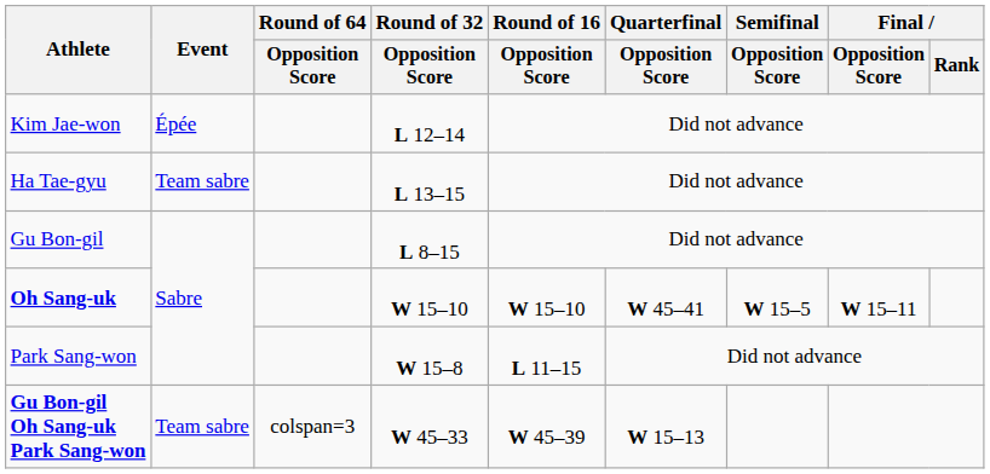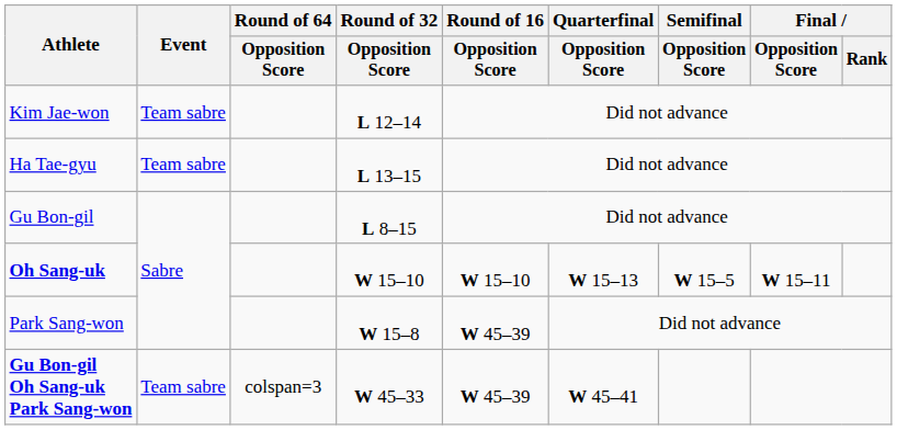 <table class="wikitable" style="font-size:90%">
 <tr>
 <th rowspan="2">Athlete</th>
 <th rowspan="2">Event</th>
 <th>Round of 64</th>
 <th>Round of 32</th>
 <th>Round of 16</th>
 <th>Quarterfinal</th>
 <th>Semifinal</th>
 <th colspan=2>Final / </th>
 </tr>
 <tr style="font-size:95%">
 <th>Opposition <br> Score</th>
 <th>Opposition <br> Score</th>
 <th>Opposition <br> Score</th>
 <th>Opposition <br> Score</th>
 <th>Opposition <br> Score</th>
 <th>Opposition <br> Score</th>
 <th>Rank</th>
 </tr>
 <tr align=center>
 <td align=left><a href='#'>Kim Jae-won</a></td>
-<td align=left><a href='#'>Épée</a></td>
+<td align=left><a href='#'>Team sabre</a></td>
 <td></td>
 <td><br><strong>L</strong> 12–14</td>
 <td colspan=5>Did not advance</td>
 </tr>
 <tr align=center>
 <td align=left><a href='#'>Ha Tae-gyu</a></td>
 <td align=left><a href='#'>Team sabre</a></td>
 <td></td>
 <td><br><strong>L</strong> 13–15</td>
 <td colspan=5>Did not advance</td>
 </tr>
 <tr align=center>
 <td align=left><a href='#'>Gu Bon-gil</a></td>
 <td align=left rowspan=3><a href='#'>Sabre</a></td>
 <td></td>
 <td><br><strong>L</strong> 8–15</td>
 <td colspan=5>Did not advance</td>
 </tr>
 <tr align=center>
 <td align=left><strong><a href='#'>Oh Sang-uk</a></strong></td>
 <td></td>
 <td><br><strong>W</strong> 15–10</td>
 <td><br><strong>W</strong> 15–10</td>
-<td><br><strong>W</strong> 45–41</td>
+<td><br><strong>W</strong> 15–13</td>
 <td><br><strong>W</strong> 15–5</td>
 <td><br><strong>W</strong> 15–11</td>
 <td></td>
 </tr>
 <tr align=center>
 <td align=left><a href='#'>Park Sang-won</a></td>
 <td></td>
 <td><br><strong>W</strong> 15–8</td>
-<td><br><strong>L</strong> 11–15</td>
+<td><br><strong>W</strong> 45–39</td>
 <td colspan=4>Did not advance</td>
 </tr>
 <tr align=center>
 <td align=left><strong><a href='#'>Gu Bon-gil</a><br><a href='#'>Oh Sang-uk</a><br><a href='#'>Park Sang-won</a><br></strong></td>
 <td align=left><a href='#'>Team sabre</a></td>
 <td>colspan=3 </td>
 <td><br><strong>W</strong> 45–33</td>
 <td><br><strong>W</strong> 45–39</td>
-<td><br><strong>W</strong> 15–13</td>
+<td><br><strong>W</strong> 45–41</td>
 <td></td>
 </tr>
 </table>
